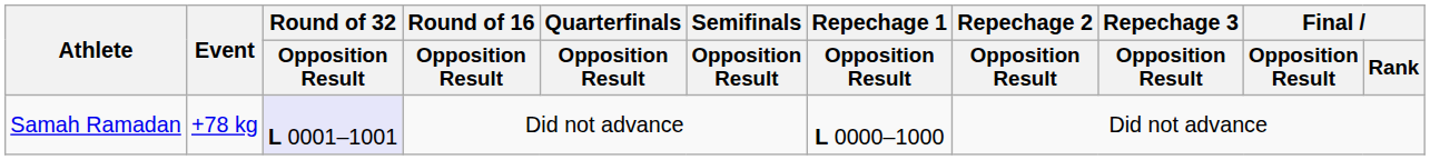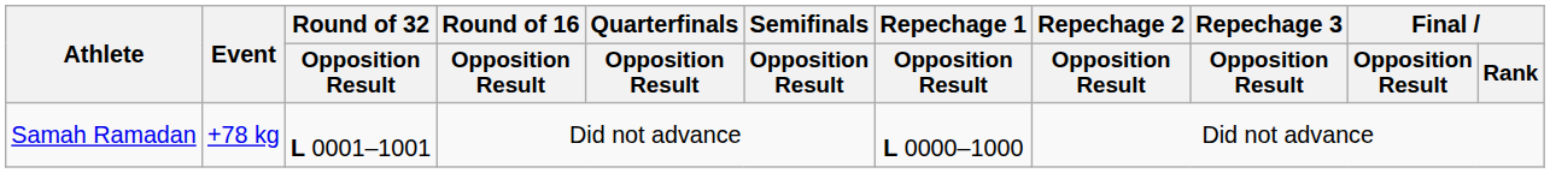 <table class="wikitable" style="font-size:90%">
 <tr>
 <th rowspan="2">Athlete</th>
 <th rowspan="2">Event</th>
 <th>Round of 32</th>
 <th>Round of 16</th>
 <th>Quarterfinals</th>
 <th>Semifinals</th>
 <th>Repechage 1</th>
 <th>Repechage 2</th>
 <th>Repechage 3</th>
 <th colspan=2>Final / </th>
 </tr>
 <tr style="font-size:95%">
 <th>Opposition<br>Result</th>
 <th>Opposition<br>Result</th>
 <th>Opposition<br>Result</th>
 <th>Opposition<br>Result</th>
 <th>Opposition<br>Result</th>
 <th>Opposition<br>Result</th>
 <th>Opposition<br>Result</th>
 <th>Opposition<br>Result</th>
 <th>Rank</th>
 </tr>
 <tr align=center>
 <td align=left><a href='#'>Samah Ramadan</a></td>
 <td align=left><a href='#'>+78 kg</a></td>
-<td style="background: lavender;"><br><strong>L</strong> 0001–1001</td>
+<td><br><strong>L</strong> 0001–1001</td>
 <td colspan=3>Did not advance</td>
 <td><br><strong>L</strong> 0000–1000</td>
 <td colspan=4>Did not advance</td>
 </tr>
 </table>
